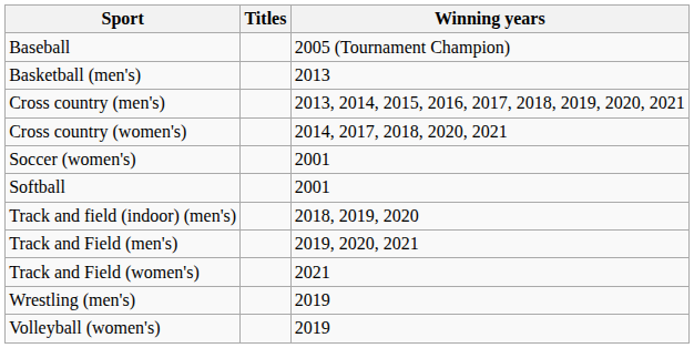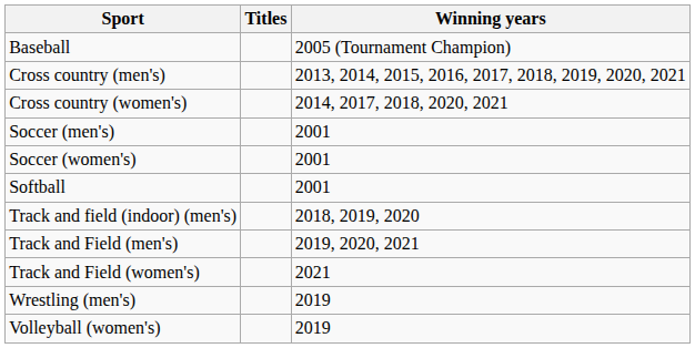 <table class="wikitable">
 <tr>
 <th>Sport</th>
 <th>Titles</th>
 <th>Winning years</th>
 </tr>
 <tr>
 <td>Baseball</td>
 <td></td>
 <td>2005 (Tournament Champion)</td>
 </tr>
 <tr>
-<td>Basketball (men's)</td>
-<td></td>
-<td>2013</td>
-</tr>
-<tr>
 <td>Cross country (men's)</td>
 <td></td>
 <td>2013, 2014, 2015, 2016, 2017, 2018, 2019, 2020, 2021</td>
 </tr>
 <tr>
 <td>Cross country (women's)</td>
 <td></td>
 <td>2014, 2017, 2018, 2020, 2021</td>
+</tr>
+<tr>
+<td>Soccer (men's)</td>
+<td></td>
+<td>2001</td>
 </tr>
 <tr>
 <td>Soccer (women's)</td>
 <td></td>
 <td>2001</td>
 </tr>
 <tr>
 <td>Softball</td>
 <td></td>
 <td>2001</td>
 </tr>
 <tr>
 <td>Track and field (indoor) (men's)</td>
 <td></td>
 <td>2018, 2019, 2020</td>
 </tr>
 <tr>
 <td>Track and Field (men's)</td>
 <td></td>
 <td>2019, 2020, 2021</td>
 </tr>
 <tr>
 <td>Track and Field (women's)</td>
 <td></td>
 <td>2021</td>
 </tr>
 <tr>
 <td>Wrestling (men's)</td>
 <td></td>
 <td>2019</td>
 </tr>
 <tr>
 <td>Volleyball (women's)</td>
 <td></td>
 <td>2019</td>
 </tr>
 </table>
